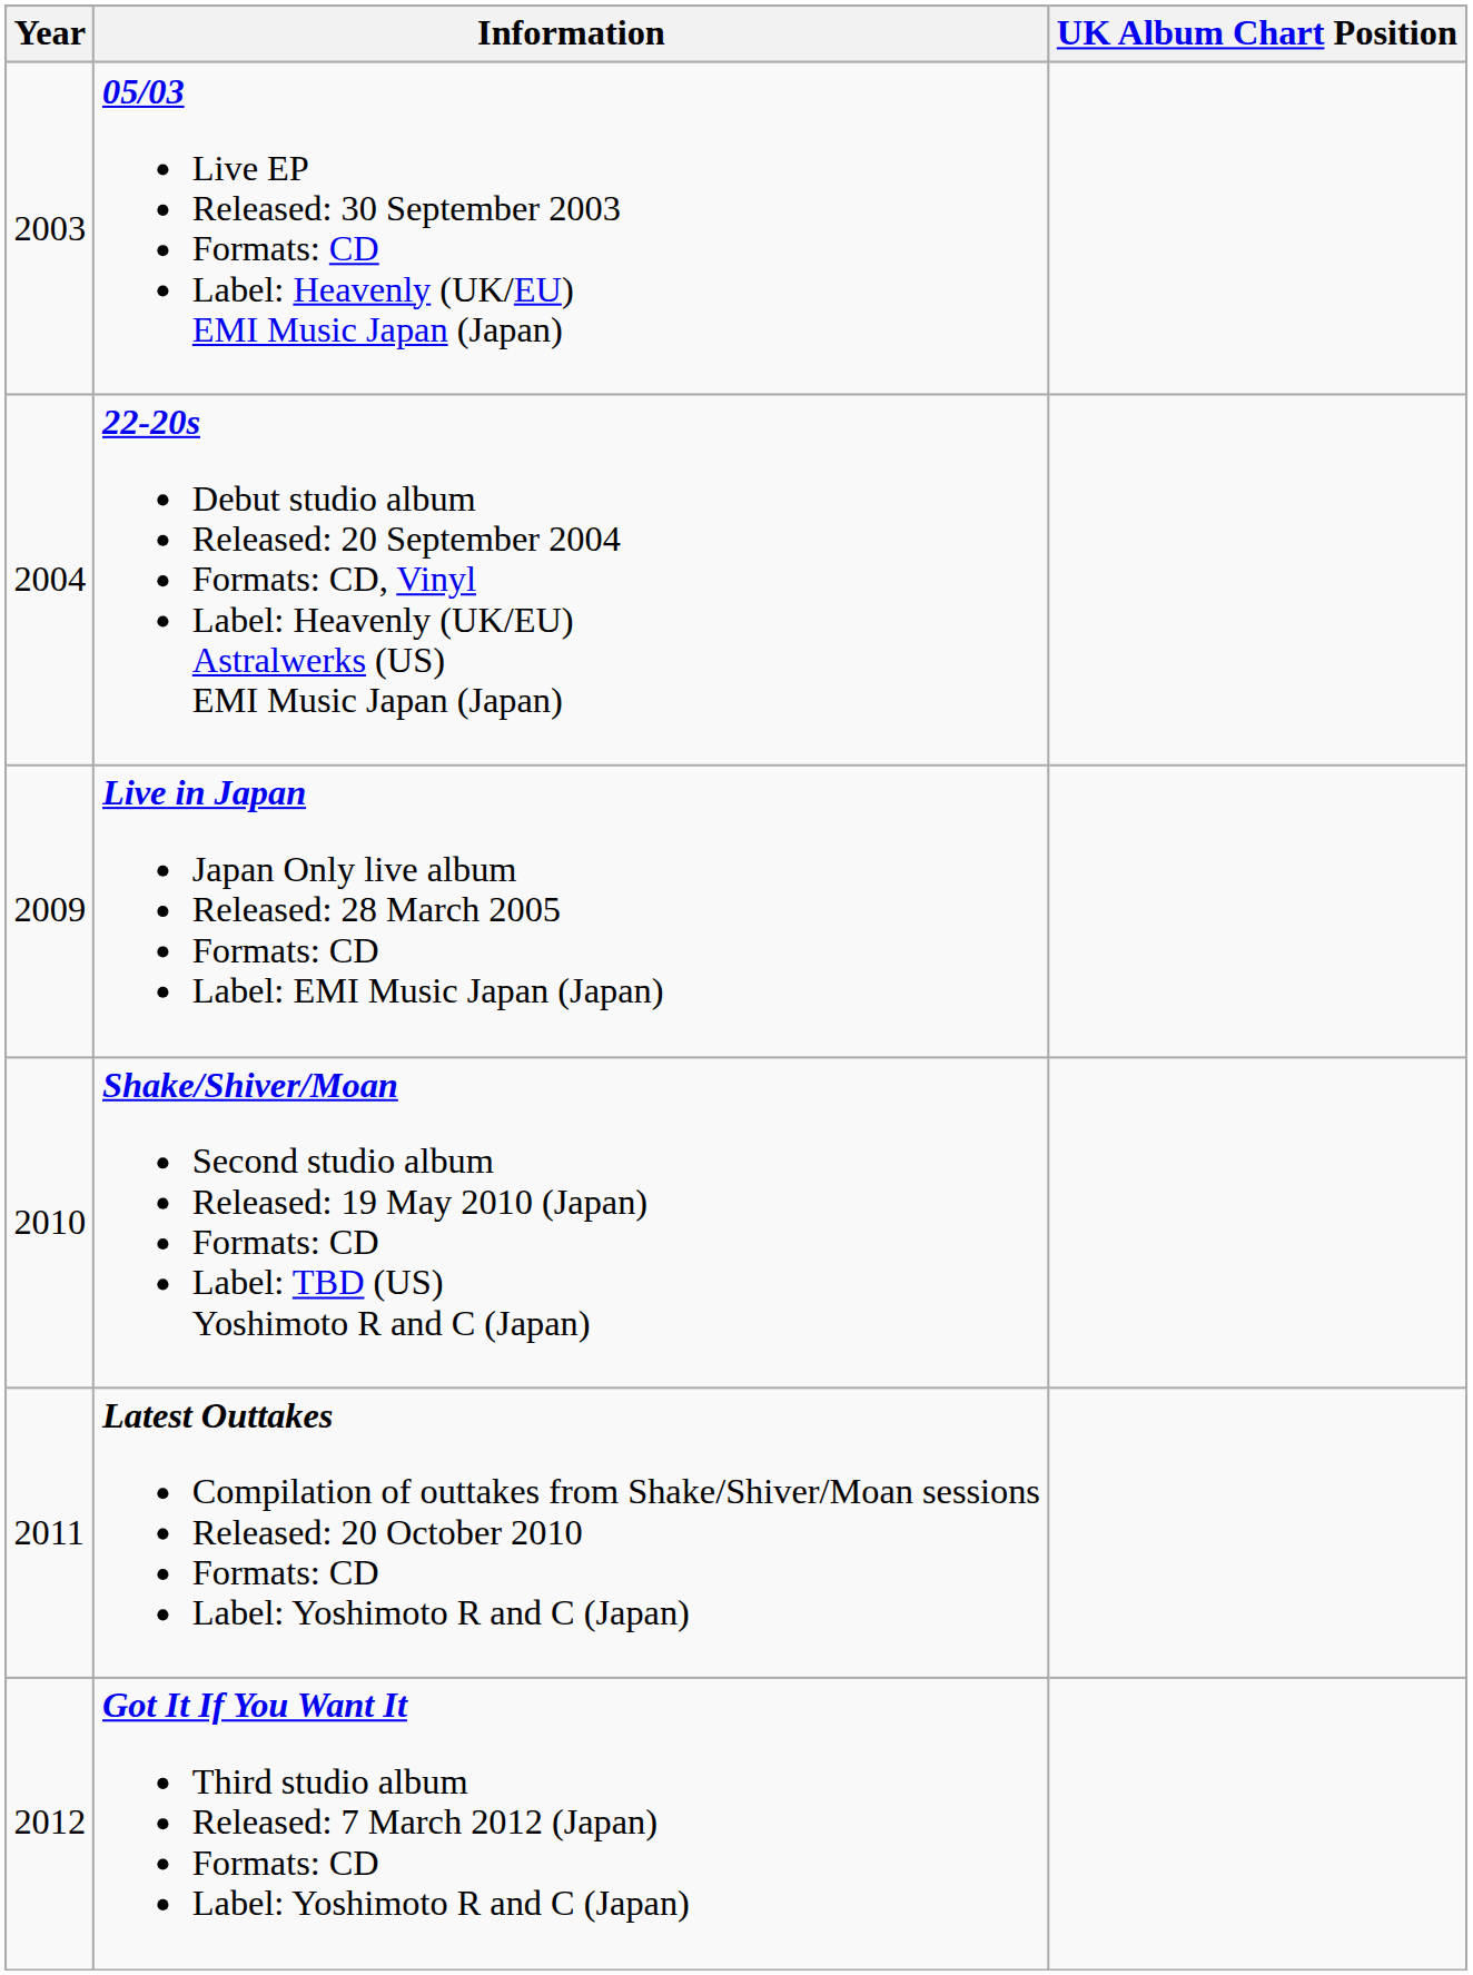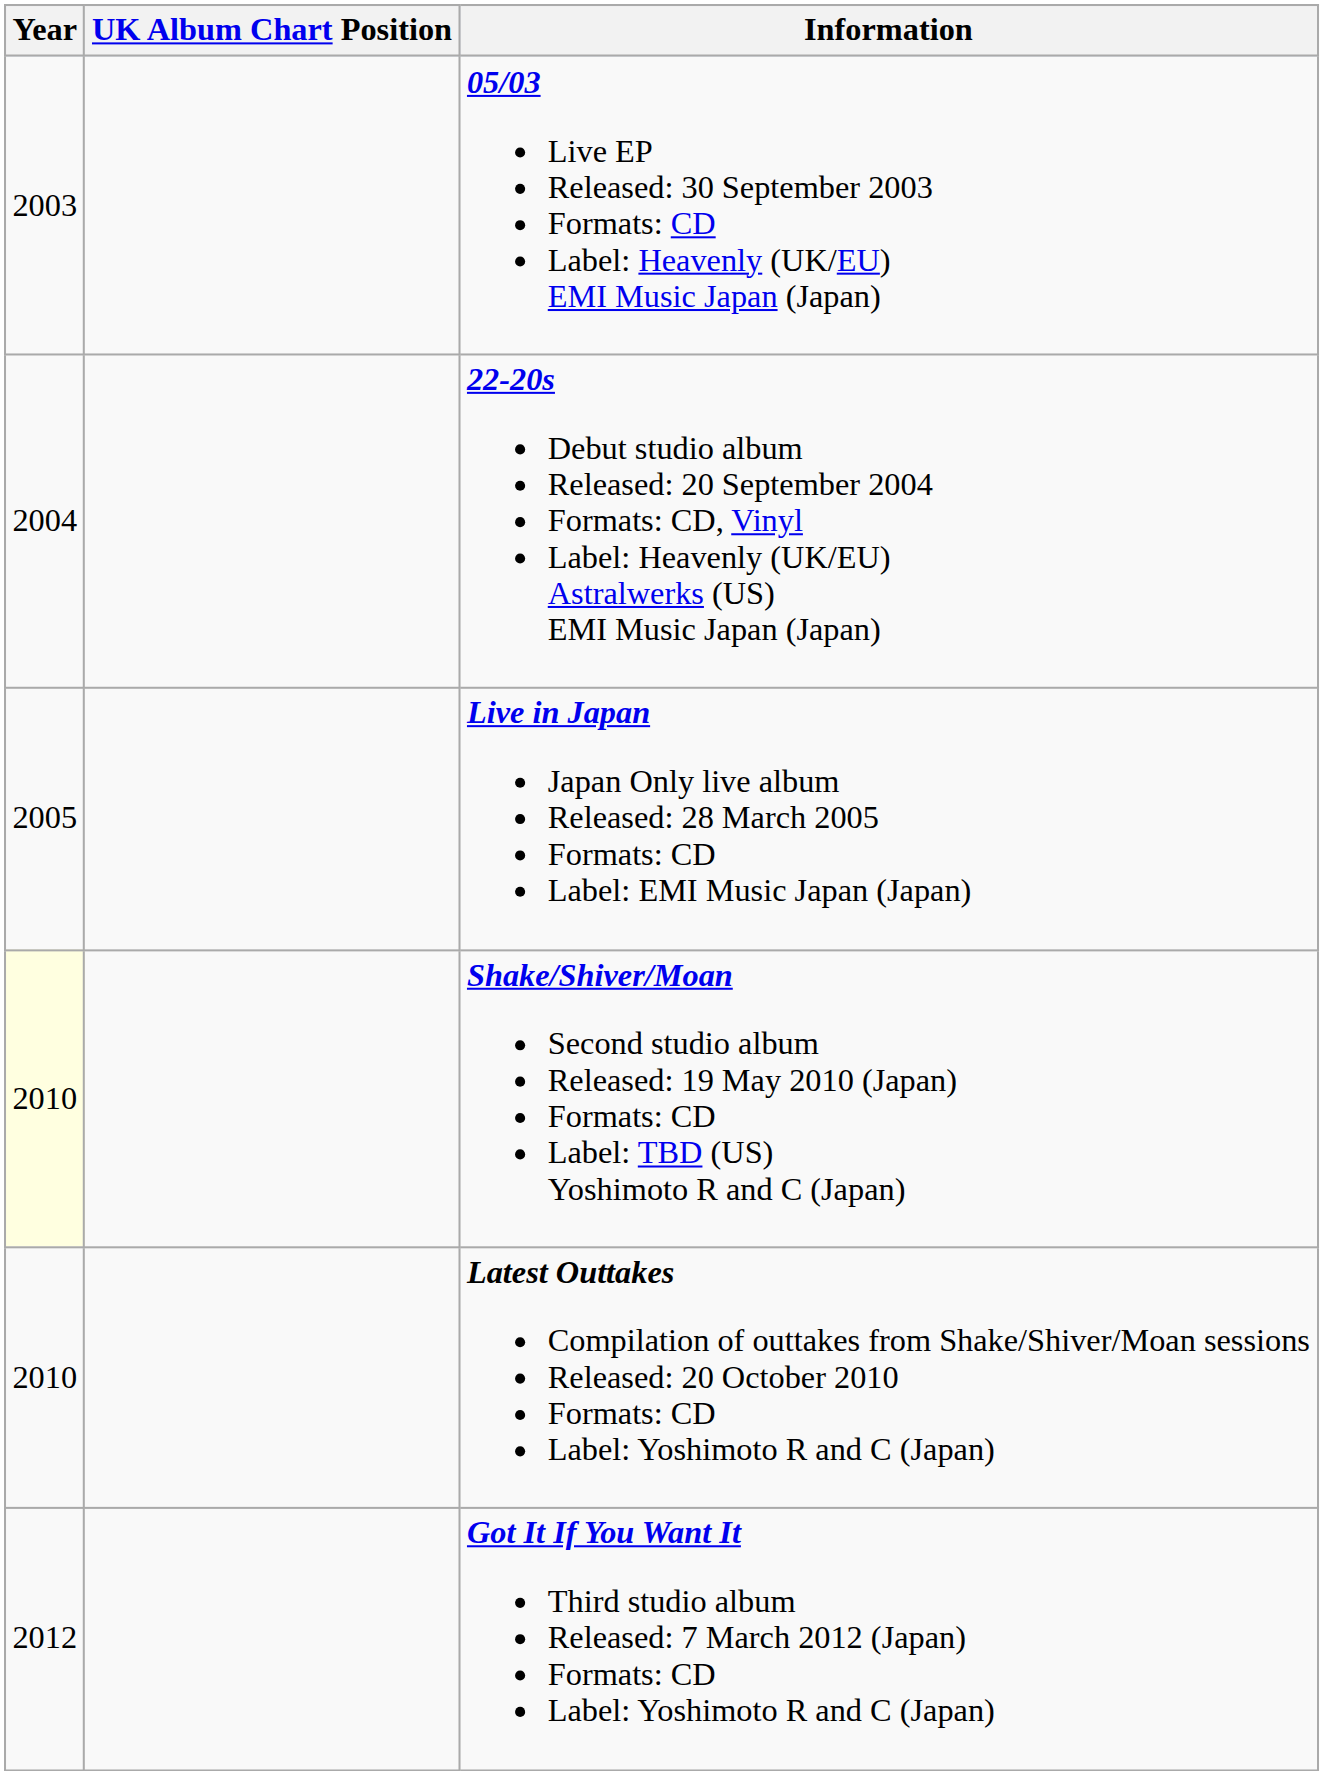 <table class="wikitable">
 <tr style="background:#b0c4de; text-align:center;">
 <th>Year</th>
+<th><a href='#'>UK Album Chart</a> Position</th>
 <th>Information</th>
-<th><a href='#'>UK Album Chart</a> Position</th>
 </tr>
 <tr>
 <td>2003</td>
+<td></td>
 <td><strong><em><a href='#'>05/03</a></em></strong><br><ul><li>Live EP</li><li>Released: 30 September 2003</li><li>Formats: <a href='#'>CD</a></li><li>Label: <a href='#'>Heavenly</a> (UK/<a href='#'>EU</a>)<br><a href='#'>EMI Music Japan</a> (Japan)</li></ul></td>
-<td></td>
 </tr>
 <tr>
 <td>2004</td>
+<td></td>
 <td><strong><em><a href='#'>22-20s</a></em></strong><br><ul><li>Debut studio album</li><li>Released: 20 September 2004</li><li>Formats: CD, <a href='#'>Vinyl</a></li><li>Label: Heavenly (UK/EU)<br><a href='#'>Astralwerks</a> (US)<br>EMI Music Japan (Japan)</li></ul></td>
-<td></td>
 </tr>
 <tr>
-<td>2009</td>
+<td>2005</td>
+<td></td>
 <td><strong><em><a href='#'>Live in Japan</a></em></strong><br><ul><li>Japan Only live album</li><li>Released: 28 March 2005</li><li>Formats: CD</li><li>Label: EMI Music Japan (Japan)</li></ul></td>
+</tr>
+<tr>
+<td style="background: lightyellow;">2010</td>
 <td></td>
+<td><strong><em><a href='#'>Shake/Shiver/Moan</a></em></strong><br><ul><li>Second studio album</li><li>Released: 19 May 2010 (Japan)</li><li>Formats: CD</li><li>Label: <a href='#'>TBD</a> (US)<br>Yoshimoto R and C (Japan)</li></ul></td>
 </tr>
 <tr>
 <td>2010</td>
-<td><strong><em><a href='#'>Shake/Shiver/Moan</a></em></strong><br><ul><li>Second studio album</li><li>Released: 19 May 2010 (Japan)</li><li>Formats: CD</li><li>Label: <a href='#'>TBD</a> (US)<br>Yoshimoto R and C (Japan)</li></ul></td>
 <td></td>
-</tr>
-<tr>
-<td>2011</td>
 <td><strong><em>Latest Outtakes</em></strong><br><ul><li>Compilation of outtakes from Shake/Shiver/Moan sessions</li><li>Released: 20 October 2010</li><li>Formats: CD</li><li>Label: Yoshimoto R and C (Japan)</li></ul></td>
-<td></td>
 </tr>
 <tr>
 <td>2012</td>
+<td></td>
 <td><strong><em><a href='#'>Got It If You Want It</a></em></strong><br><ul><li>Third studio album</li><li>Released: 7 March 2012 (Japan)</li><li>Formats: CD</li><li>Label: Yoshimoto R and C (Japan)</li></ul></td>
-<td></td>
 </tr>
 </table>
